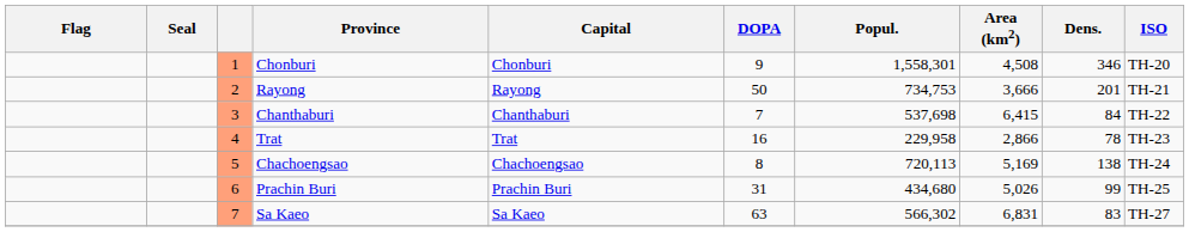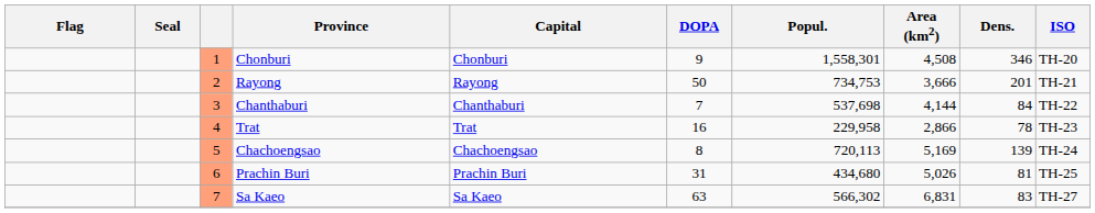 <table class="wikitable sortable" style="width:95%;">
 <tr>
 <th class="unsortable" style="width:12%;">Flag</th>
 <th class="unsortable" style="width:6%;">Seal</th>
 <th style="width:3%;"> </th>
 <th style="width:20%;">Province</th>
 <th style="width:20%;">Capital</th>
 <th style="width:6%;"><a href='#'>DOPA</a></th>
 <th style="width:14%;">Popul.</th>
 <th style="width:7%;">Area<br>(km<sup>2</sup>)</th>
 <th style="width:7%;">Dens.</th>
 <th style="width:7%;"><a href='#'>ISO</a></th>
 </tr>
 <tr>
 <td></td>
 <td></td>
 <td style="background:#ffa07a; text-align:center;">1</td>
 <td><a href='#'>Chonburi</a></td>
 <td><a href='#'>Chonburi</a></td>
 <td style="text-align:center;">9</td>
 <td style="text-align:right;">1,558,301</td>
 <td style="text-align:right;">4,508</td>
 <td style="text-align:right;">346</td>
 <td>TH-20</td>
 </tr>
 <tr>
 <td></td>
 <td></td>
 <td style="background:#ffa07a; text-align:center;">2</td>
 <td><a href='#'>Rayong</a></td>
 <td><a href='#'>Rayong</a></td>
 <td style="text-align:center;">50</td>
 <td style="text-align:right;">734,753</td>
 <td style="text-align:right;">3,666</td>
 <td style="text-align:right;">201</td>
 <td>TH-21</td>
 </tr>
 <tr>
 <td></td>
 <td></td>
 <td style="background:#ffa07a; text-align:center;">3</td>
 <td><a href='#'>Chanthaburi</a></td>
 <td><a href='#'>Chanthaburi</a></td>
 <td style="text-align:center;">7</td>
 <td style="text-align:right;">537,698</td>
-<td style="text-align:right;">6,415</td>
+<td style="text-align:right;">4,144</td>
 <td style="text-align:right;">84</td>
 <td>TH-22</td>
 </tr>
 <tr>
 <td></td>
 <td></td>
 <td style="background:#ffa07a; text-align:center;">4</td>
 <td><a href='#'>Trat</a></td>
 <td><a href='#'>Trat</a></td>
 <td style="text-align:center;">16</td>
 <td style="text-align:right;">229,958</td>
 <td style="text-align:right;">2,866</td>
 <td style="text-align:right;">78</td>
 <td>TH-23</td>
 </tr>
 <tr>
 <td></td>
 <td></td>
 <td style="background:#ffa07a; text-align:center;">5</td>
 <td><a href='#'>Chachoengsao</a></td>
 <td><a href='#'>Chachoengsao</a></td>
 <td style="text-align:center;">8</td>
 <td style="text-align:right;">720,113</td>
 <td style="text-align:right;">5,169</td>
-<td style="text-align:right;">138</td>
+<td style="text-align:right;">139</td>
 <td>TH-24</td>
 </tr>
 <tr>
 <td></td>
 <td></td>
 <td style="background:#ffa07a; text-align:center;">6</td>
 <td><a href='#'>Prachin Buri</a></td>
 <td><a href='#'>Prachin Buri</a></td>
 <td style="text-align:center;">31</td>
 <td style="text-align:right;">434,680</td>
 <td style="text-align:right;">5,026</td>
-<td style="text-align:right;">99</td>
+<td style="text-align:right;">81</td>
 <td>TH-25</td>
 </tr>
 <tr>
 <td></td>
 <td></td>
 <td style="background:#ffa07a; text-align:center;">7</td>
 <td><a href='#'>Sa Kaeo</a></td>
 <td><a href='#'>Sa Kaeo</a></td>
 <td style="text-align:center;">63</td>
 <td style="text-align:right;">566,302</td>
 <td style="text-align:right;">6,831</td>
 <td style="text-align:right;">83</td>
 <td>TH-27</td>
 </tr>
 <tr>
 </tr>
 </table>
